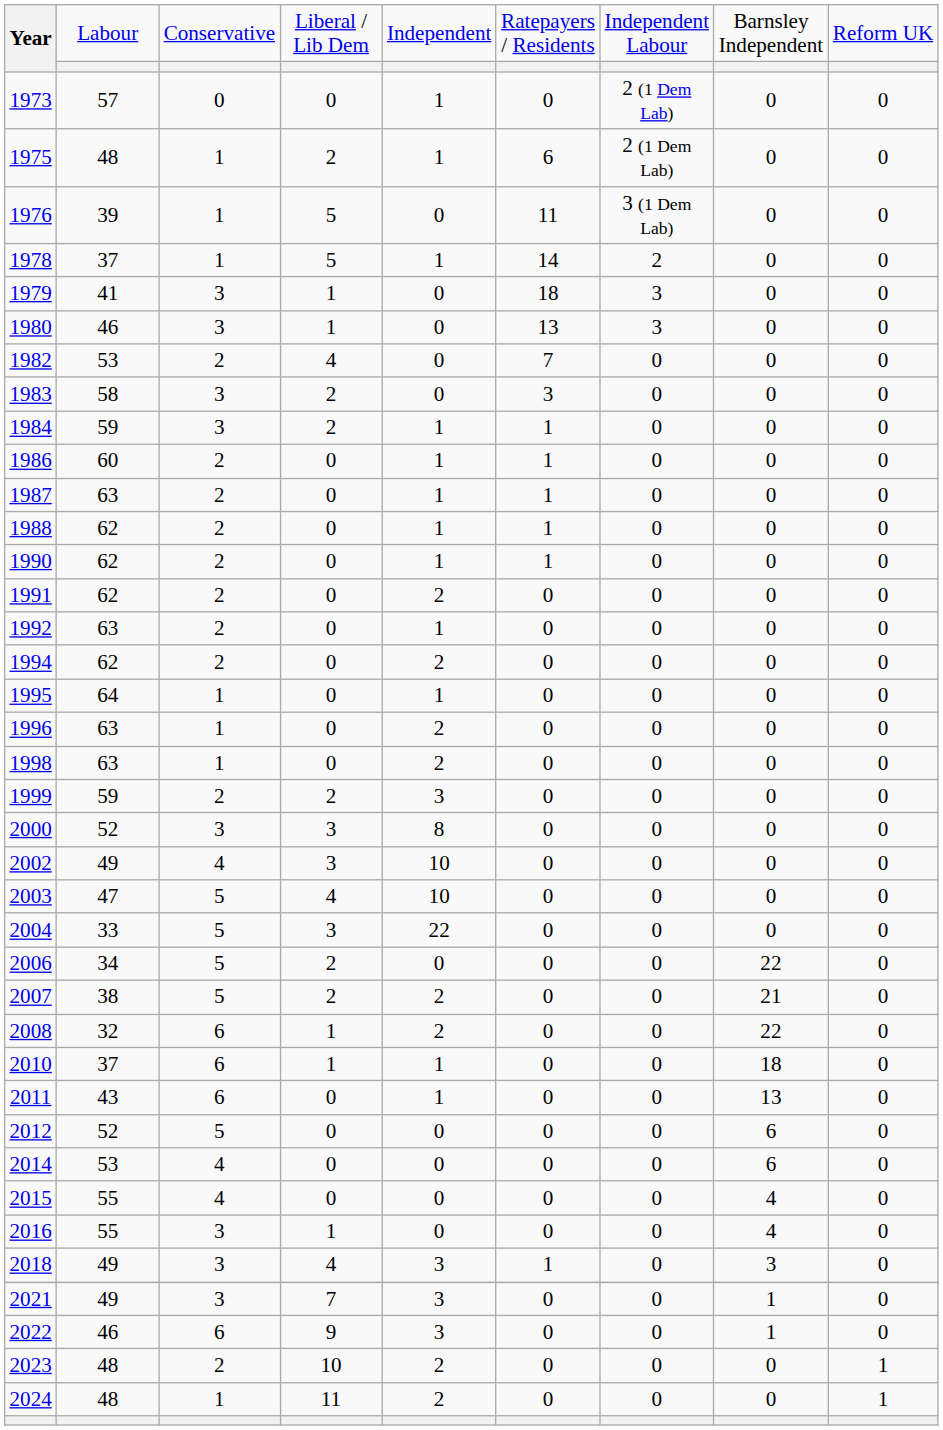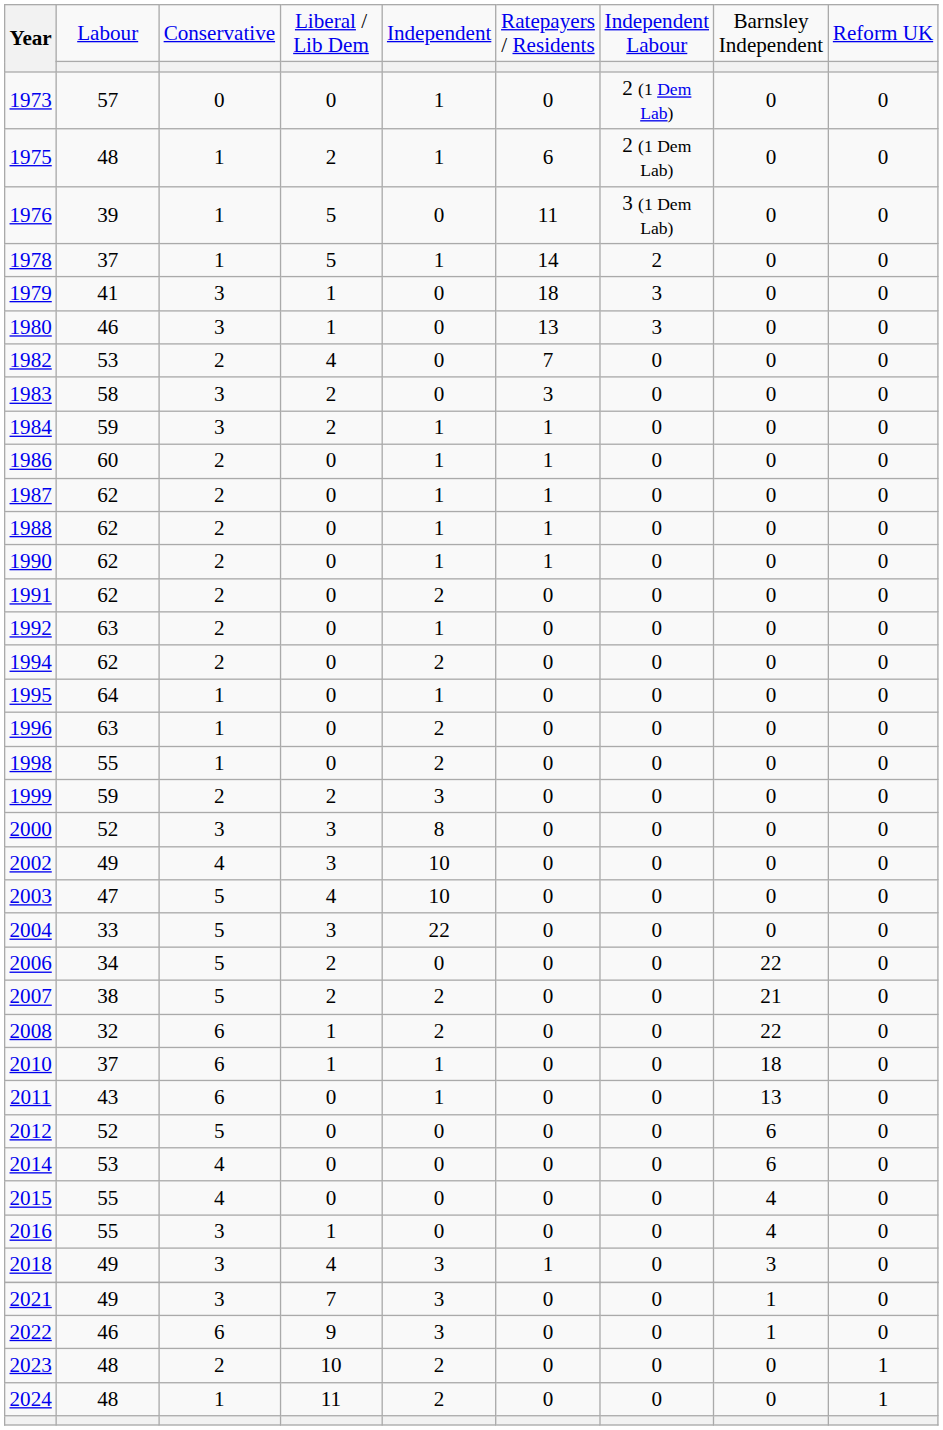 <table class=wikitable style=text-align:center>
 <tr>
 <th rowspan=2>Year</th>
 <td width="70"><a href='#'>Labour</a></td>
 <td width="60"><a href='#'>Conservative</a></td>
 <td width="70"><a href='#'>Liberal</a> /<br><a href='#'>Lib Dem</a></td>
 <td width="60"><a href='#'>Independent</a></td>
 <td width="60"><a href='#'>Ratepayers</a><br>/ <a href='#'>Residents</a></td>
 <td width="75"><a href='#'>Independent Labour</a></td>
 <td width="60">Barnsley Independent</td>
 <td><a href='#'>Reform UK</a></td>
 </tr>
 <tr>
 <th style="background-color: "></th>
 <th style="background-color: "></th>
 <th style="background-color: "></th>
 <th style="background-color: "></th>
 <th style="background-color: "></th>
 <th style="background-color: "></th>
 <th style="background-color: "></th>
 <th style="background-color: "></th>
 </tr>
 <tr>
 <td><a href='#'>1973</a></td>
 <td>57</td>
 <td>0</td>
 <td>0</td>
 <td>1</td>
 <td>0</td>
 <td>2 <small>(1 <a href='#'>Dem Lab</a>)</small></td>
 <td>0</td>
 <td>0</td>
 </tr>
 <tr>
 <td><a href='#'>1975</a></td>
 <td>48</td>
 <td>1</td>
 <td>2</td>
 <td>1</td>
 <td>6</td>
 <td>2 <small>(1 Dem Lab)</small></td>
 <td>0</td>
 <td>0</td>
 </tr>
 <tr>
 <td><a href='#'>1976</a></td>
 <td>39</td>
 <td>1</td>
 <td>5</td>
 <td>0</td>
 <td>11</td>
 <td>3 <small>(1 Dem Lab)</small></td>
 <td>0</td>
 <td>0</td>
 </tr>
 <tr>
 <td><a href='#'>1978</a></td>
 <td>37</td>
 <td>1</td>
 <td>5</td>
 <td>1</td>
 <td>14</td>
 <td>2</td>
 <td>0</td>
 <td>0</td>
 </tr>
 <tr>
 <td><a href='#'>1979</a></td>
 <td>41</td>
 <td>3</td>
 <td>1</td>
 <td>0</td>
 <td>18</td>
 <td>3</td>
 <td>0</td>
 <td>0</td>
 </tr>
 <tr>
 <td><a href='#'>1980</a></td>
 <td>46</td>
 <td>3</td>
 <td>1</td>
 <td>0</td>
 <td>13</td>
 <td>3</td>
 <td>0</td>
 <td>0</td>
 </tr>
 <tr>
 <td><a href='#'>1982</a></td>
 <td>53</td>
 <td>2</td>
 <td>4</td>
 <td>0</td>
 <td>7</td>
 <td>0</td>
 <td>0</td>
 <td>0</td>
 </tr>
 <tr>
 <td><a href='#'>1983</a></td>
 <td>58</td>
 <td>3</td>
 <td>2</td>
 <td>0</td>
 <td>3</td>
 <td>0</td>
 <td>0</td>
 <td>0</td>
 </tr>
 <tr>
 <td><a href='#'>1984</a></td>
 <td>59</td>
 <td>3</td>
 <td>2</td>
 <td>1</td>
 <td>1</td>
 <td>0</td>
 <td>0</td>
 <td>0</td>
 </tr>
 <tr>
 <td><a href='#'>1986</a></td>
 <td>60</td>
 <td>2</td>
 <td>0</td>
 <td>1</td>
 <td>1</td>
 <td>0</td>
 <td>0</td>
 <td>0</td>
 </tr>
 <tr>
 <td><a href='#'>1987</a></td>
-<td>63</td>
+<td>62</td>
 <td>2</td>
 <td>0</td>
 <td>1</td>
 <td>1</td>
 <td>0</td>
 <td>0</td>
 <td>0</td>
 </tr>
 <tr>
 <td><a href='#'>1988</a></td>
 <td>62</td>
 <td>2</td>
 <td>0</td>
 <td>1</td>
 <td>1</td>
 <td>0</td>
 <td>0</td>
 <td>0</td>
 </tr>
 <tr>
 <td><a href='#'>1990</a></td>
 <td>62</td>
 <td>2</td>
 <td>0</td>
 <td>1</td>
 <td>1</td>
 <td>0</td>
 <td>0</td>
 <td>0</td>
 </tr>
 <tr>
 <td><a href='#'>1991</a></td>
 <td>62</td>
 <td>2</td>
 <td>0</td>
 <td>2</td>
 <td>0</td>
 <td>0</td>
 <td>0</td>
 <td>0</td>
 </tr>
 <tr>
 <td><a href='#'>1992</a></td>
 <td>63</td>
 <td>2</td>
 <td>0</td>
 <td>1</td>
 <td>0</td>
 <td>0</td>
 <td>0</td>
 <td>0</td>
 </tr>
 <tr>
 <td><a href='#'>1994</a></td>
 <td>62</td>
 <td>2</td>
 <td>0</td>
 <td>2</td>
 <td>0</td>
 <td>0</td>
 <td>0</td>
 <td>0</td>
 </tr>
 <tr>
 <td><a href='#'>1995</a></td>
 <td>64</td>
 <td>1</td>
 <td>0</td>
 <td>1</td>
 <td>0</td>
 <td>0</td>
 <td>0</td>
 <td>0</td>
 </tr>
 <tr>
 <td><a href='#'>1996</a></td>
 <td>63</td>
 <td>1</td>
 <td>0</td>
 <td>2</td>
 <td>0</td>
 <td>0</td>
 <td>0</td>
 <td>0</td>
 </tr>
 <tr>
 <td><a href='#'>1998</a></td>
-<td>63</td>
+<td>55</td>
 <td>1</td>
 <td>0</td>
 <td>2</td>
 <td>0</td>
 <td>0</td>
 <td>0</td>
 <td>0</td>
 </tr>
 <tr>
 <td><a href='#'>1999</a></td>
 <td>59</td>
 <td>2</td>
 <td>2</td>
 <td>3</td>
 <td>0</td>
 <td>0</td>
 <td>0</td>
 <td>0</td>
 </tr>
 <tr>
 <td><a href='#'>2000</a></td>
 <td>52</td>
 <td>3</td>
 <td>3</td>
 <td>8</td>
 <td>0</td>
 <td>0</td>
 <td>0</td>
 <td>0</td>
 </tr>
 <tr>
 <td><a href='#'>2002</a></td>
 <td>49</td>
 <td>4</td>
 <td>3</td>
 <td>10</td>
 <td>0</td>
 <td>0</td>
 <td>0</td>
 <td>0</td>
 </tr>
 <tr>
 <td><a href='#'>2003</a></td>
 <td>47</td>
 <td>5</td>
 <td>4</td>
 <td>10</td>
 <td>0</td>
 <td>0</td>
 <td>0</td>
 <td>0</td>
 </tr>
 <tr>
 <td><a href='#'>2004</a></td>
 <td>33</td>
 <td>5</td>
 <td>3</td>
 <td>22</td>
 <td>0</td>
 <td>0</td>
 <td>0</td>
 <td>0</td>
 </tr>
 <tr>
 <td><a href='#'>2006</a></td>
 <td>34</td>
 <td>5</td>
 <td>2</td>
 <td>0</td>
 <td>0</td>
 <td>0</td>
 <td>22</td>
 <td>0</td>
 </tr>
 <tr>
 <td><a href='#'>2007</a></td>
 <td>38</td>
 <td>5</td>
 <td>2</td>
 <td>2</td>
 <td>0</td>
 <td>0</td>
 <td>21</td>
 <td>0</td>
 </tr>
 <tr>
 <td><a href='#'>2008</a></td>
 <td>32</td>
 <td>6</td>
 <td>1</td>
 <td>2</td>
 <td>0</td>
 <td>0</td>
 <td>22</td>
 <td>0</td>
 </tr>
 <tr>
 <td><a href='#'>2010</a></td>
 <td>37</td>
 <td>6</td>
 <td>1</td>
 <td>1</td>
 <td>0</td>
 <td>0</td>
 <td>18</td>
 <td>0</td>
 </tr>
 <tr>
 <td><a href='#'>2011</a></td>
 <td>43</td>
 <td>6</td>
 <td>0</td>
 <td>1</td>
 <td>0</td>
 <td>0</td>
 <td>13</td>
 <td>0</td>
 </tr>
 <tr>
 <td><a href='#'>2012</a></td>
 <td>52</td>
 <td>5</td>
 <td>0</td>
 <td>0</td>
 <td>0</td>
 <td>0</td>
 <td>6</td>
 <td>0</td>
 </tr>
 <tr>
 <td><a href='#'>2014</a></td>
 <td>53</td>
 <td>4</td>
 <td>0</td>
 <td>0</td>
 <td>0</td>
 <td>0</td>
 <td>6</td>
 <td>0</td>
 </tr>
 <tr>
 <td><a href='#'>2015</a></td>
 <td>55</td>
 <td>4</td>
 <td>0</td>
 <td>0</td>
 <td>0</td>
 <td>0</td>
 <td>4</td>
 <td>0</td>
 </tr>
 <tr>
 <td><a href='#'>2016</a></td>
 <td>55</td>
 <td>3</td>
 <td>1</td>
 <td>0</td>
 <td>0</td>
 <td>0</td>
 <td>4</td>
 <td>0</td>
 </tr>
 <tr>
 <td><a href='#'>2018</a></td>
 <td>49</td>
 <td>3</td>
 <td>4</td>
 <td>3</td>
 <td>1</td>
 <td>0</td>
 <td>3</td>
 <td>0</td>
 </tr>
 <tr>
 </tr>
 <tr>
 <td><a href='#'>2021</a></td>
 <td>49</td>
 <td>3</td>
 <td>7</td>
 <td>3</td>
 <td>0</td>
 <td>0</td>
 <td>1</td>
 <td>0</td>
 </tr>
 <tr>
 <td><a href='#'>2022</a></td>
 <td>46</td>
 <td>6</td>
 <td>9</td>
 <td>3</td>
 <td>0</td>
 <td>0</td>
 <td>1</td>
 <td>0</td>
 </tr>
 <tr>
 <td><a href='#'>2023</a></td>
 <td>48</td>
 <td>2</td>
 <td>10</td>
 <td>2</td>
 <td>0</td>
 <td>0</td>
 <td>0</td>
 <td>1</td>
 </tr>
 <tr>
 <td><a href='#'>2024</a></td>
 <td>48</td>
 <td>1</td>
 <td>11</td>
 <td>2</td>
 <td>0</td>
 <td>0</td>
 <td>0</td>
 <td>1</td>
 </tr>
 <tr>
 <th></th>
 <th style="background-color: "></th>
 <th style="background-color: "></th>
 <th style="background-color: "></th>
 <th style="background-color: "></th>
 <th style="background-color: "></th>
 <th style="background-color: "></th>
 <th style="background-color: "></th>
 <th style="background-color: "></th>
 </tr>
 </table>
